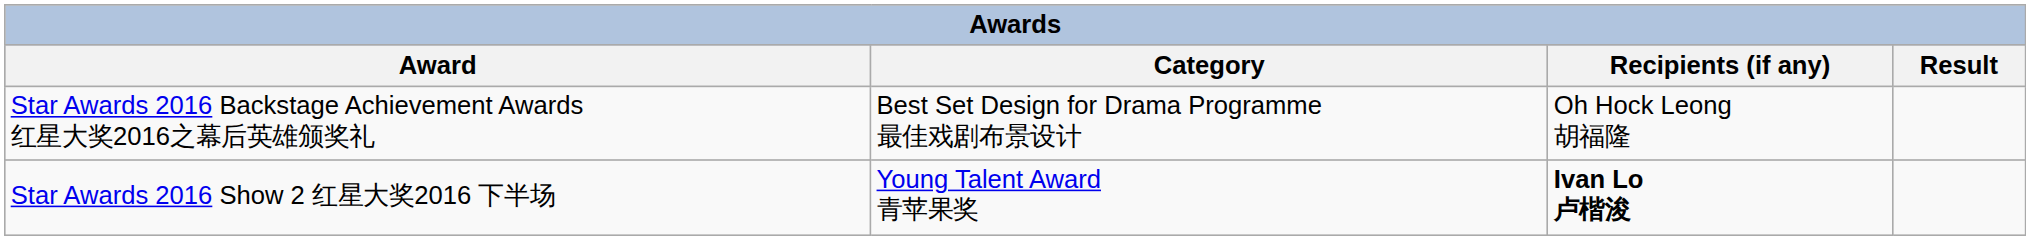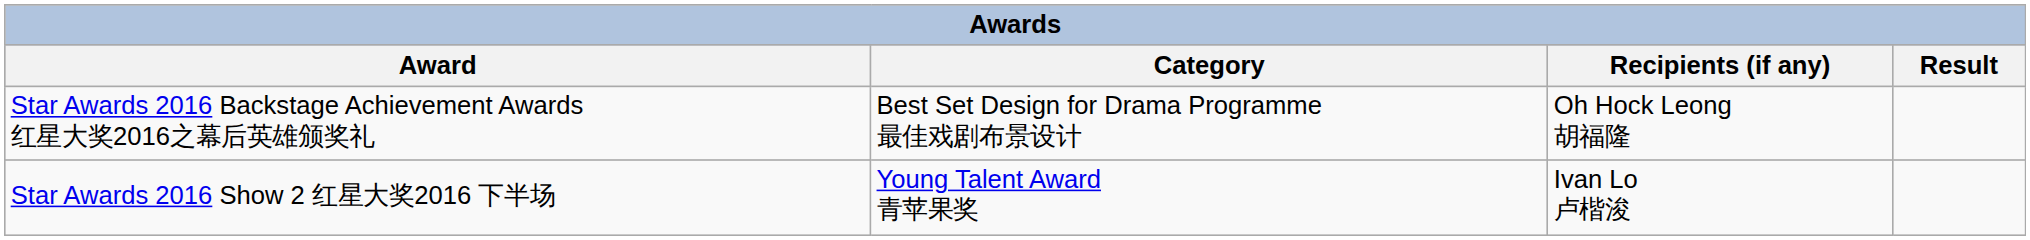 <table class="wikitable sortable" style="width:100%;">
 <tr style="background:#ccc; text-align:center;">
 <th colspan="4" style="background: LightSteelBlue;">Awards</th>
 </tr>
 <tr style="background:#ccc; text-align:center;">
 <th>Award</th>
 <th>Category</th>
 <th>Recipients (if any)</th>
 <th>Result</th>
 </tr>
 <tr>
 <td><a href='#'>Star Awards 2016</a> Backstage Achievement Awards <br> 红星大奖2016之幕后英雄颁奖礼</td>
 <td>Best Set Design for Drama Programme <br> 最佳戏剧布景设计</td>
 <td>Oh Hock Leong <br> 胡福隆</td>
 <td></td>
 </tr>
 <tr>
 <td><a href='#'>Star Awards 2016</a> Show 2 红星大奖2016 下半场</td>
 <td><a href='#'>Young Talent Award</a> <br> 青苹果奖</td>
-<td><strong>Ivan Lo <br> 卢楷浚</strong></td>
+<td>Ivan Lo <br> 卢楷浚</td>
 <td></td>
 </tr>
 </table>
